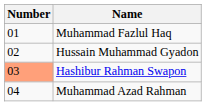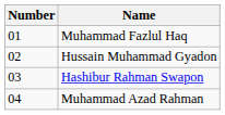 <table class="wikitable">
 <tr>
 <th>Number</th>
 <th>Name</th>
 </tr>
 <tr>
 <td>01</td>
 <td>Muhammad Fazlul Haq</td>
 </tr>
 <tr>
 <td>02</td>
 <td>Hussain Muhammad Gyadon</td>
 </tr>
 <tr>
-<td style="background: lightsalmon;">03</td>
+<td>03</td>
 <td><a href='#'>Hashibur Rahman Swapon</a></td>
 </tr>
 <tr>
 <td>04</td>
 <td>Muhammad Azad Rahman</td>
 </tr>
 </table>
